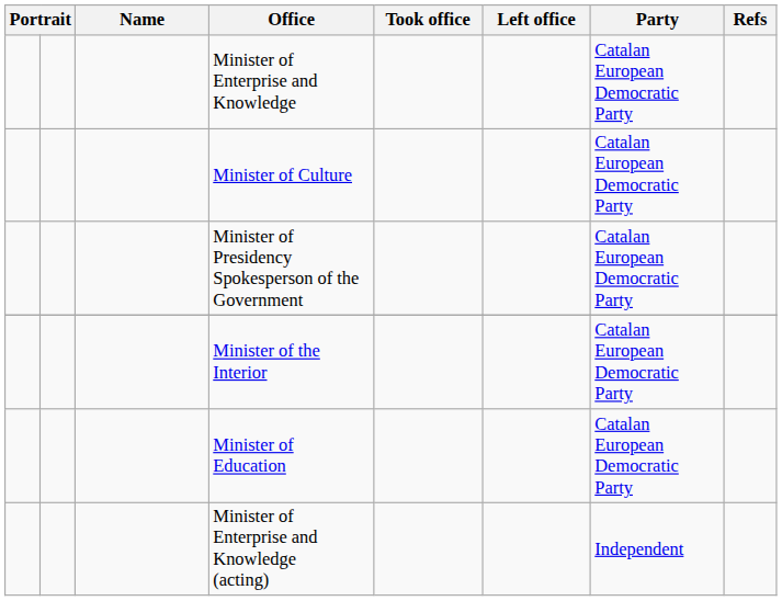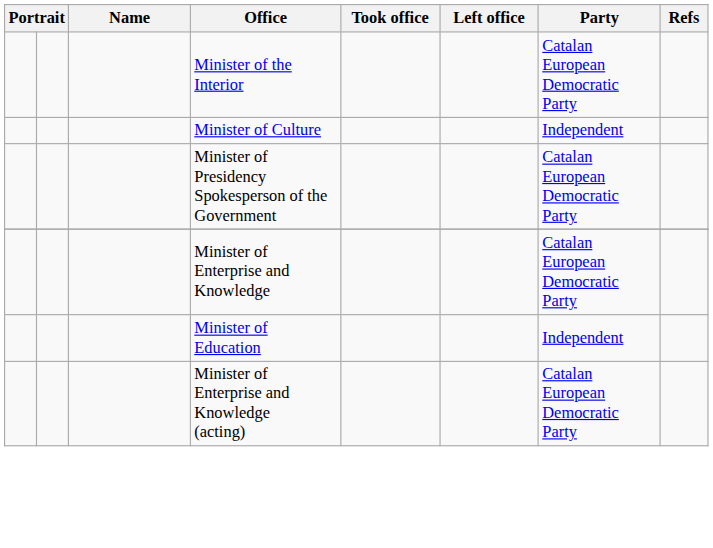 <table class="wikitable plainrowheaders sortable" style="font-size:90%; text-align:left;">
 <tr>
 <th scope=col class=unsortable colspan=2>Portrait</th>
 <th scope=col width=100>Name</th>
 <th scope=col width=125>Office</th>
 <th scope=col width=80>Took office</th>
 <th scope=col width=80>Left office</th>
 <th scope=col width=100>Party</th>
 <th scope=col width=35 class=unsortable>Refs</th>
 </tr>
 <tr>
 <td !align="center" style="background:"></td>
 <td align=center></td>
 <td></td>
-<td>Minister of Enterprise and Knowledge</td>
+<td><a href='#'>Minister of the Interior</a></td>
 <td align=center></td>
 <td align=center></td>
 <td><a href='#'>Catalan European Democratic Party</a></td>
 <td align=center></td>
 </tr>
 <tr>
 <td !align="center" style="background:"></td>
 <td align=center></td>
 <td></td>
 <td><a href='#'>Minister of Culture</a></td>
 <td align=center></td>
 <td align=center></td>
-<td><a href='#'>Catalan European Democratic Party</a></td>
+<td><a href='#'>Independent</a></td>
 <td align=center></td>
 </tr>
 <tr>
 <td !align="center" style="background:"></td>
 <td align=center></td>
 <td></td>
 <td>Minister of Presidency<br>Spokesperson of the Government</td>
 <td align=center></td>
 <td align=center></td>
 <td><a href='#'>Catalan European Democratic Party</a></td>
 <td align=center></td>
 </tr>
 <tr>
 </tr>
 <tr>
 <td !align="center" style="background:"></td>
 <td align=center></td>
 <td></td>
-<td><a href='#'>Minister of the Interior</a></td>
+<td>Minister of Enterprise and Knowledge</td>
 <td align=center></td>
 <td align=center></td>
 <td><a href='#'>Catalan European Democratic Party</a></td>
 <td align=center></td>
 </tr>
 <tr>
 <td !align="center" style="background:"></td>
 <td align=center></td>
 <td></td>
 <td><a href='#'>Minister of Education</a></td>
 <td align=center></td>
 <td align=center></td>
-<td><a href='#'>Catalan European Democratic Party</a></td>
+<td><a href='#'>Independent</a></td>
 <td align=center></td>
 </tr>
 <tr>
 <td !align="center" style="background:"></td>
 <td align=center></td>
 <td></td>
 <td>Minister of Enterprise and Knowledge<br>(acting)</td>
 <td align=center></td>
 <td align=center></td>
-<td><a href='#'>Independent</a></td>
+<td><a href='#'>Catalan European Democratic Party</a></td>
 <td align=center></td>
 </tr>
 </table>
